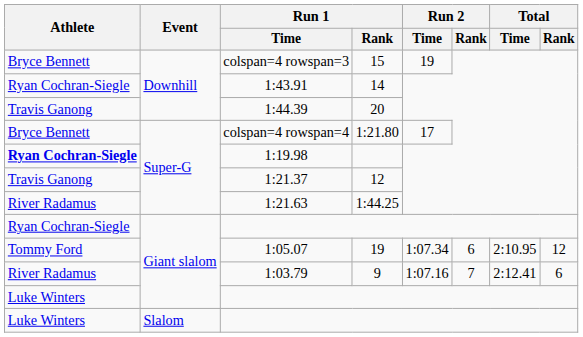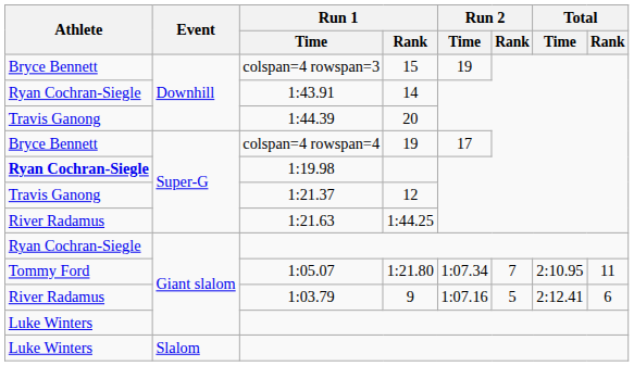 <table class=wikitable style=font-size:90%;text-align:center>
 <tr>
 <th rowspan=2>Athlete</th>
 <th rowspan=2>Event</th>
 <th colspan=2>Run 1</th>
 <th colspan=2>Run 2</th>
 <th colspan=2>Total</th>
 </tr>
 <tr style=font-size:95%>
 <th>Time</th>
 <th>Rank</th>
 <th>Time</th>
 <th>Rank</th>
 <th>Time</th>
 <th>Rank</th>
 </tr>
 <tr>
 <td align=left><a href='#'>Bryce Bennett</a></td>
 <td align=left rowspan=3><a href='#'>Downhill</a></td>
 <td>colspan=4 rowspan=3 </td>
 <td>15</td>
 <td>19</td>
 </tr>
 <tr>
 <td align=left><a href='#'>Ryan Cochran-Siegle</a></td>
 <td>1:43.91</td>
 <td>14</td>
 </tr>
 <tr>
 <td align=left><a href='#'>Travis Ganong</a></td>
 <td>1:44.39</td>
 <td>20</td>
 </tr>
 <tr>
 <td align=left><a href='#'>Bryce Bennett</a></td>
 <td align=left rowspan=4><a href='#'>Super-G</a></td>
 <td>colspan=4 rowspan=4 </td>
-<td>1:21.80</td>
+<td>19</td>
 <td>17</td>
 </tr>
 <tr>
 <td align=left><strong><a href='#'>Ryan Cochran-Siegle</a></strong></td>
 <td>1:19.98</td>
 <td></td>
 </tr>
 <tr>
 <td align=left><a href='#'>Travis Ganong</a></td>
 <td>1:21.37</td>
 <td>12</td>
 </tr>
 <tr>
 <td align=left><a href='#'>River Radamus</a></td>
 <td>1:21.63</td>
 <td>1:44.25</td>
 </tr>
 <tr>
 <td align=left><a href='#'>Ryan Cochran-Siegle</a></td>
 <td align=left rowspan=4><a href='#'>Giant slalom</a></td>
 <td colspan=6></td>
 </tr>
 <tr>
 <td align=left><a href='#'>Tommy Ford</a></td>
 <td>1:05.07</td>
-<td>19</td>
+<td>1:21.80</td>
 <td>1:07.34</td>
-<td>6</td>
+<td>7</td>
 <td>2:10.95</td>
-<td>12</td>
+<td>11</td>
 </tr>
 <tr>
 <td align=left><a href='#'>River Radamus</a></td>
 <td>1:03.79</td>
 <td>9</td>
 <td>1:07.16</td>
-<td>7</td>
+<td>5</td>
 <td>2:12.41</td>
 <td>6</td>
 </tr>
 <tr>
 <td align=left><a href='#'>Luke Winters</a></td>
 <td colspan=6></td>
 </tr>
 <tr>
 <td align=left><a href='#'>Luke Winters</a></td>
 <td align=left><a href='#'>Slalom</a></td>
 <td colspan=6></td>
 </tr>
 </table>
